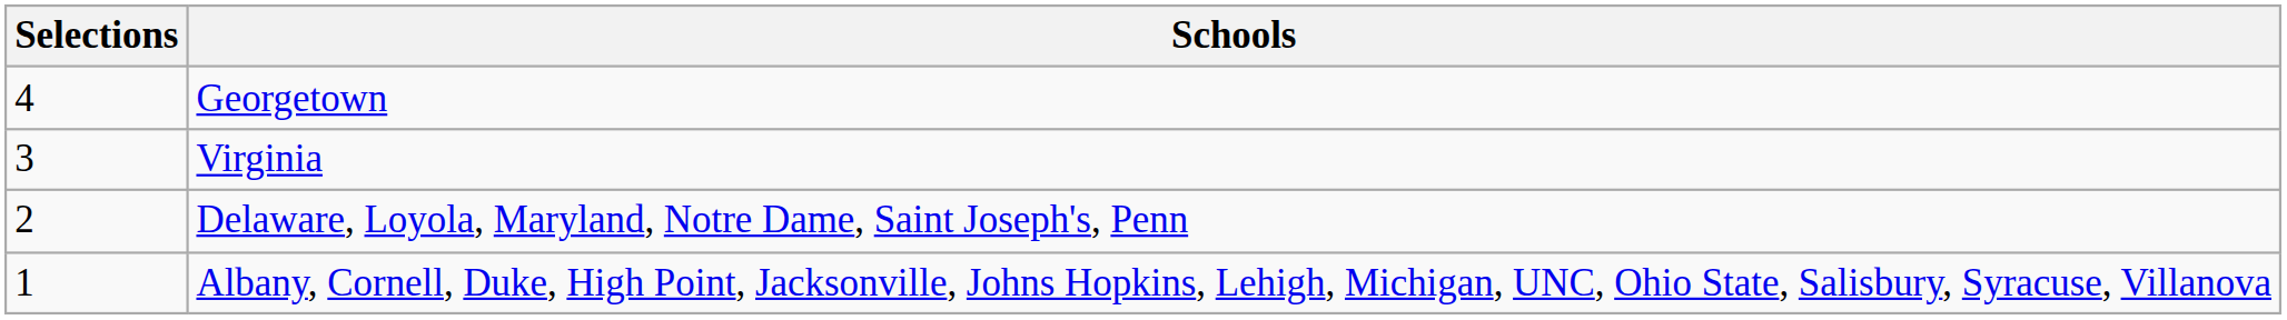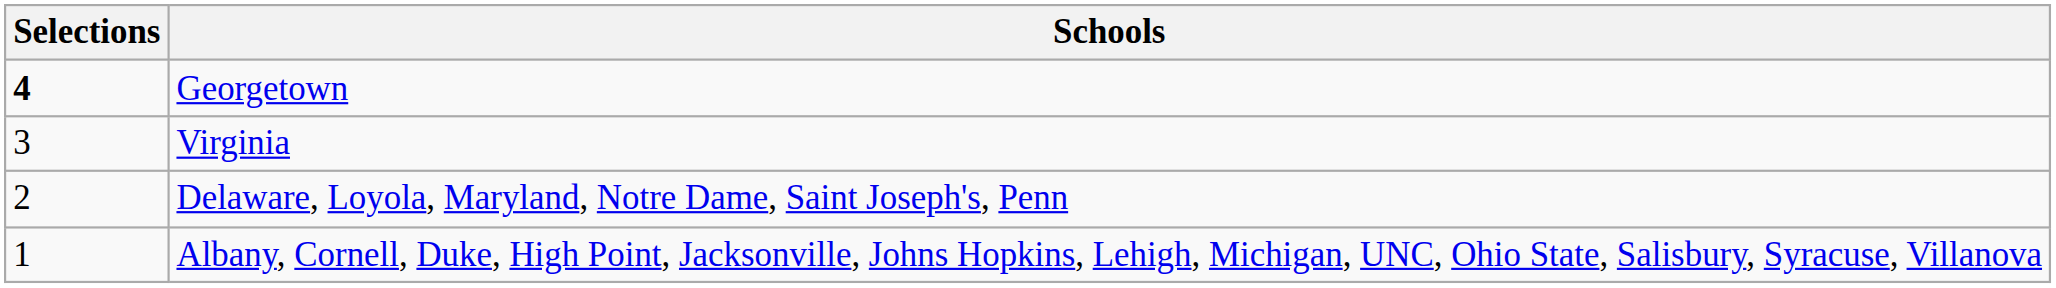 <table class="wikitable">
 <tr>
 <th>Selections</th>
 <th>Schools</th>
 </tr>
 <tr>
-<td>4</td>
+<td><strong>4</strong></td>
 <td><a href='#'>Georgetown</a></td>
 </tr>
 <tr>
 <td>3</td>
 <td><a href='#'>Virginia</a></td>
 </tr>
 <tr>
 <td>2</td>
 <td><a href='#'>Delaware</a>, <a href='#'>Loyola</a>, <a href='#'>Maryland</a>, <a href='#'>Notre Dame</a>, <a href='#'>Saint Joseph's</a>, <a href='#'>Penn</a></td>
 </tr>
 <tr>
 <td>1</td>
 <td><a href='#'>Albany</a>, <a href='#'>Cornell</a>, <a href='#'>Duke</a>, <a href='#'>High Point</a>, <a href='#'>Jacksonville</a>, <a href='#'>Johns Hopkins</a>, <a href='#'>Lehigh</a>, <a href='#'>Michigan</a>, <a href='#'>UNC</a>, <a href='#'>Ohio State</a>, <a href='#'>Salisbury</a>, <a href='#'>Syracuse</a>, <a href='#'>Villanova</a></td>
 </tr>
 </table>
